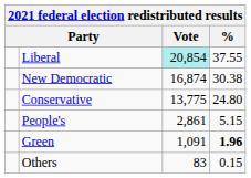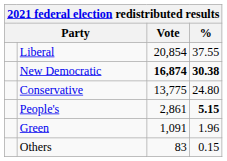 <table class="wikitable">
 <tr>
 <th colspan="4"><a href='#'>2021 federal election</a> redistributed results</th>
 </tr>
 <tr>
 <th bgcolor="#DDDDFF" width="130px" colspan="2">Party</th>
 <th bgcolor="#DDDDFF" width="50px">Vote</th>
 <th bgcolor="#DDDDFF" width="30px">%</th>
 </tr>
 <tr>
 <td> </td>
 <td><a href='#'>Liberal</a></td>
-<td align=right style="background: paleturquoise;">20,854</td>
+<td align=right>20,854</td>
 <td align=right>37.55</td>
 </tr>
 <tr>
 <td> </td>
 <td><a href='#'>New Democratic</a></td>
-<td align=right>16,874</td>
-<td align=right>30.38</td>
+<td align=right><strong>16,874</strong></td>
+<td align=right><strong>30.38</strong></td>
 </tr>
 <tr>
 <td> </td>
 <td><a href='#'>Conservative</a></td>
 <td align=right>13,775</td>
 <td align=right>24.80</td>
 </tr>
 <tr>
 <td> </td>
 <td><a href='#'>People's</a></td>
 <td align=right>2,861</td>
-<td align=right>5.15</td>
+<td align=right><strong>5.15</strong></td>
 </tr>
 <tr>
 <td> </td>
 <td><a href='#'>Green</a></td>
 <td align=right>1,091</td>
-<td align=right><strong>1.96</strong></td>
+<td align=right>1.96</td>
 </tr>
 <tr>
 <td> </td>
 <td>Others</td>
 <td align=right>83</td>
 <td align=right>0.15</td>
 </tr>
 </table>
